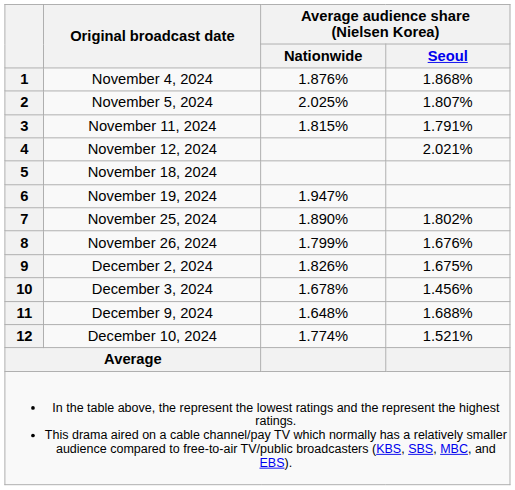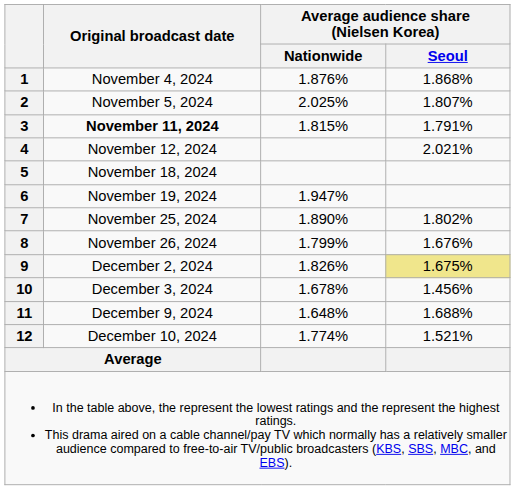 <table class="wikitable" style="margin-left:auto; margin-right:auto; width:550px; text-align:center">
 <tr>
 <th scope="col" rowspan="2"></th>
 <th scope="col" rowspan="2">Original broadcast date</th>
 <th scope="col" colspan="2">Average audience share<br>(Nielsen Korea)</th>
 </tr>
 <tr>
 <th scope="col" style="width:8em">Nationwide</th>
 <th scope="col" style="width:8em"><a href='#'>Seoul</a></th>
 </tr>
 <tr>
 <th scope="row">1</th>
 <td>November 4, 2024</td>
 <td>1.876% </td>
 <td>1.868% </td>
 </tr>
 <tr>
 <th scope="row">2</th>
 <td>November 5, 2024</td>
 <td>2.025% </td>
 <td>1.807% </td>
 </tr>
 <tr>
 <th scope="row">3</th>
-<td>November 11, 2024</td>
+<td><strong>November 11, 2024</strong></td>
 <td>1.815% </td>
 <td>1.791% </td>
 </tr>
 <tr>
 <th scope="row">4</th>
 <td>November 12, 2024</td>
 <td><strong></strong> </td>
 <td>2.021% </td>
 </tr>
 <tr>
 <th scope="row">5</th>
 <td>November 18, 2024</td>
 <td><strong></strong> </td>
 <td><strong></strong> </td>
 </tr>
 <tr>
 <th scope="row">6</th>
 <td>November 19, 2024</td>
 <td>1.947% </td>
 <td><strong></strong> </td>
 </tr>
 <tr>
 <th scope="row">7</th>
 <td>November 25, 2024</td>
 <td>1.890% </td>
 <td>1.802% </td>
 </tr>
 <tr>
 <th scope="row">8</th>
 <td>November 26, 2024</td>
 <td>1.799% </td>
 <td>1.676% </td>
 </tr>
 <tr>
 <th scope="row">9</th>
 <td>December 2, 2024</td>
 <td>1.826% </td>
-<td>1.675% </td>
+<td style="background: khaki;">1.675% </td>
 </tr>
 <tr>
 <th scope="row">10</th>
 <td>December 3, 2024</td>
 <td>1.678% </td>
 <td>1.456% </td>
 </tr>
 <tr>
 <th scope="row">11</th>
 <td>December 9, 2024</td>
 <td>1.648% </td>
 <td>1.688% </td>
 </tr>
 <tr>
 <th scope="row">12</th>
 <td>December 10, 2024</td>
 <td>1.774% </td>
 <td>1.521% </td>
 </tr>
 <tr>
 <th scope="col" colspan="2">Average</th>
 <th scope="col"></th>
 <th scope="col"></th>
 </tr>
 <tr>
 <td colspan="4" style="font-size:85%"><br><ul><li>In the table above, the <strong></strong> represent the lowest ratings and the <strong></strong> represent the highest ratings.</li><li>This drama aired on a cable channel/pay TV which normally has a relatively smaller audience compared to free-to-air TV/public broadcasters (<a href='#'>KBS</a>, <a href='#'>SBS</a>, <a href='#'>MBC</a>, and <a href='#'>EBS</a>).</li></ul></td>
 </tr>
 </table>
